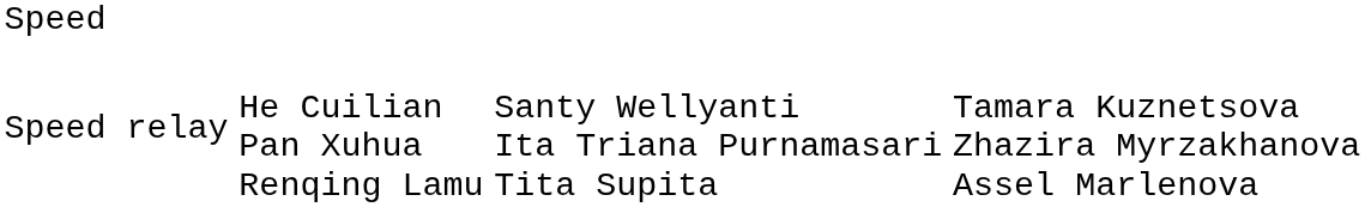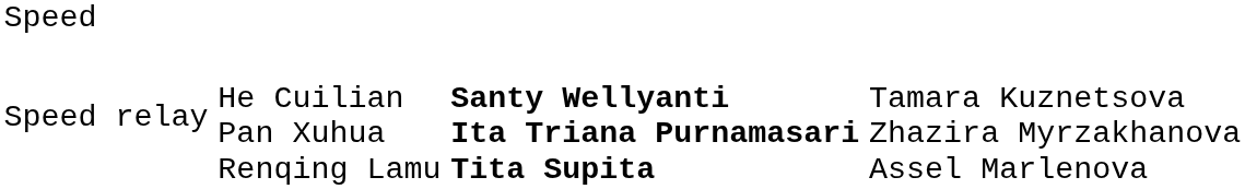 <table>
 <tr>
 <td>Speed</td>
 <td></td>
 <td></td>
 <td></td>
 </tr>
 <tr>
 <td>Speed relay</td>
 <td><br>He Cuilian<br>Pan Xuhua<br>Renqing Lamu</td>
-<td><br>Santy Wellyanti<br>Ita Triana Purnamasari<br>Tita Supita</td>
+<td><strong><br>Santy Wellyanti<br>Ita Triana Purnamasari<br>Tita Supita</strong></td>
 <td><br>Tamara Kuznetsova<br>Zhazira Myrzakhanova<br>Assel Marlenova</td>
 </tr>
 </table>
